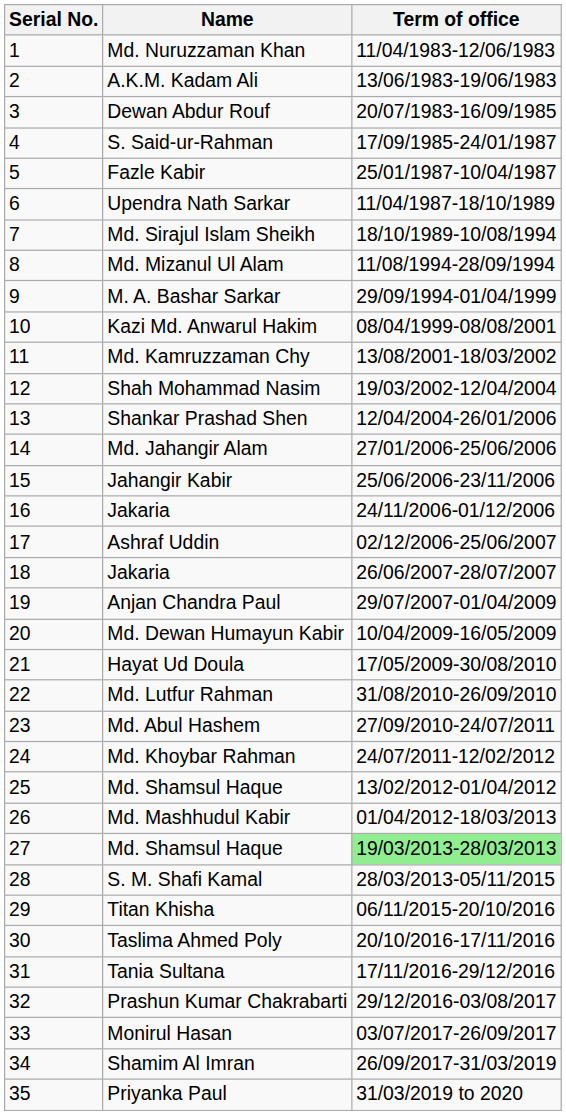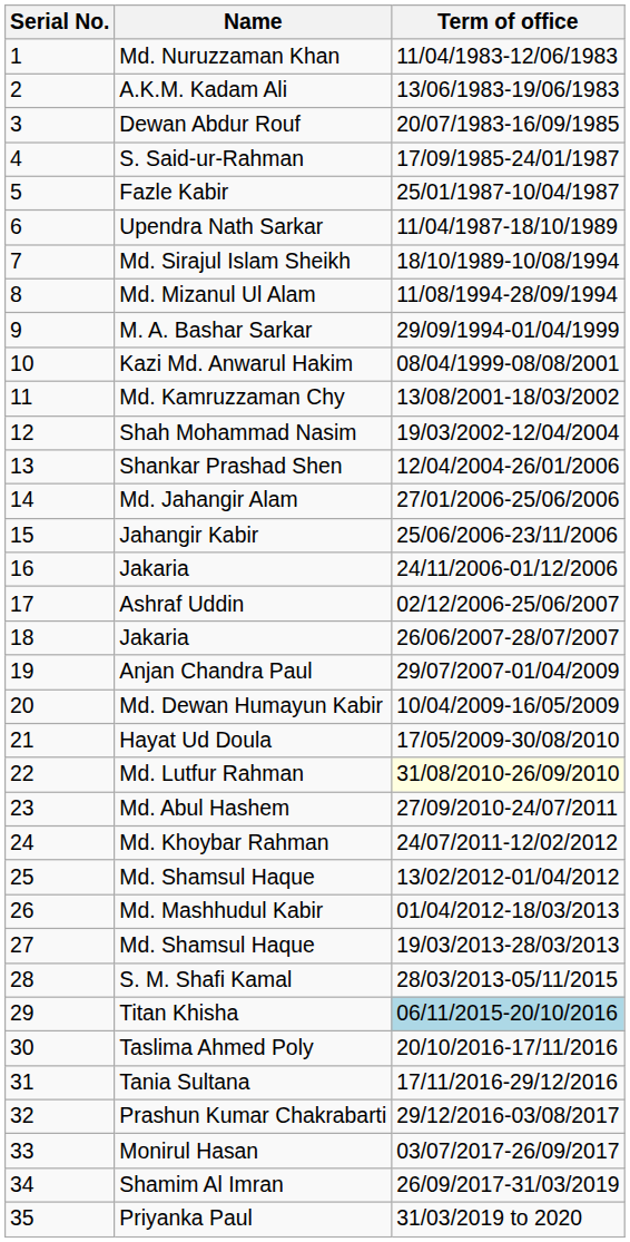 <table class="wikitable">
 <tr>
 <th>Serial No.</th>
 <th>Name</th>
 <th>Term of office</th>
 </tr>
 <tr>
 <td>1</td>
 <td>Md. Nuruzzaman Khan</td>
 <td>11/04/1983-12/06/1983</td>
 </tr>
 <tr>
 <td>2</td>
 <td>A.K.M. Kadam Ali</td>
 <td>13/06/1983-19/06/1983</td>
 </tr>
 <tr>
 <td>3</td>
 <td>Dewan Abdur Rouf</td>
 <td>20/07/1983-16/09/1985</td>
 </tr>
 <tr>
 <td>4</td>
 <td>S. Said-ur-Rahman</td>
 <td>17/09/1985-24/01/1987</td>
 </tr>
 <tr>
 <td>5</td>
 <td>Fazle Kabir</td>
 <td>25/01/1987-10/04/1987</td>
 </tr>
 <tr>
 <td>6</td>
 <td>Upendra Nath Sarkar</td>
 <td>11/04/1987-18/10/1989</td>
 </tr>
 <tr>
 <td>7</td>
 <td>Md. Sirajul Islam Sheikh</td>
 <td>18/10/1989-10/08/1994</td>
 </tr>
 <tr>
 <td>8</td>
 <td>Md. Mizanul Ul Alam</td>
 <td>11/08/1994-28/09/1994</td>
 </tr>
 <tr>
 <td>9</td>
 <td>M. A. Bashar Sarkar</td>
 <td>29/09/1994-01/04/1999</td>
 </tr>
 <tr>
 <td>10</td>
 <td>Kazi Md. Anwarul Hakim</td>
 <td>08/04/1999-08/08/2001</td>
 </tr>
 <tr>
 <td>11</td>
 <td>Md. Kamruzzaman Chy</td>
 <td>13/08/2001-18/03/2002</td>
 </tr>
 <tr>
 <td>12</td>
 <td>Shah Mohammad Nasim</td>
 <td>19/03/2002-12/04/2004</td>
 </tr>
 <tr>
 <td>13</td>
 <td>Shankar Prashad Shen</td>
 <td>12/04/2004-26/01/2006</td>
 </tr>
 <tr>
 <td>14</td>
 <td>Md. Jahangir Alam</td>
 <td>27/01/2006-25/06/2006</td>
 </tr>
 <tr>
 <td>15</td>
 <td>Jahangir Kabir</td>
 <td>25/06/2006-23/11/2006</td>
 </tr>
 <tr>
 <td>16</td>
 <td>Jakaria</td>
 <td>24/11/2006-01/12/2006</td>
 </tr>
 <tr>
 <td>17</td>
 <td>Ashraf Uddin</td>
 <td>02/12/2006-25/06/2007</td>
 </tr>
 <tr>
 <td>18</td>
 <td>Jakaria</td>
 <td>26/06/2007-28/07/2007</td>
 </tr>
 <tr>
 <td>19</td>
 <td>Anjan Chandra Paul</td>
 <td>29/07/2007-01/04/2009</td>
 </tr>
 <tr>
 <td>20</td>
 <td>Md. Dewan Humayun Kabir</td>
 <td>10/04/2009-16/05/2009</td>
 </tr>
 <tr>
 <td>21</td>
 <td>Hayat Ud Doula</td>
 <td>17/05/2009-30/08/2010</td>
 </tr>
 <tr>
 <td>22</td>
 <td>Md. Lutfur Rahman</td>
-<td>31/08/2010-26/09/2010</td>
+<td style="background: lightyellow;">31/08/2010-26/09/2010</td>
 </tr>
 <tr>
 <td>23</td>
 <td>Md. Abul Hashem</td>
 <td>27/09/2010-24/07/2011</td>
 </tr>
 <tr>
 <td>24</td>
 <td>Md. Khoybar Rahman</td>
 <td>24/07/2011-12/02/2012</td>
 </tr>
 <tr>
 <td>25</td>
 <td>Md. Shamsul Haque</td>
 <td>13/02/2012-01/04/2012</td>
 </tr>
 <tr>
 <td>26</td>
 <td>Md. Mashhudul Kabir</td>
 <td>01/04/2012-18/03/2013</td>
 </tr>
 <tr>
 <td>27</td>
 <td>Md. Shamsul Haque</td>
-<td style="background: lightgreen;">19/03/2013-28/03/2013</td>
+<td>19/03/2013-28/03/2013</td>
 </tr>
 <tr>
 <td>28</td>
 <td>S. M. Shafi Kamal</td>
 <td>28/03/2013-05/11/2015</td>
 </tr>
 <tr>
 <td>29</td>
 <td>Titan Khisha</td>
-<td>06/11/2015-20/10/2016</td>
+<td style="background: lightblue;">06/11/2015-20/10/2016</td>
 </tr>
 <tr>
 <td>30</td>
 <td>Taslima Ahmed Poly</td>
 <td>20/10/2016-17/11/2016</td>
 </tr>
 <tr>
 <td>31</td>
 <td>Tania Sultana</td>
 <td>17/11/2016-29/12/2016</td>
 </tr>
 <tr>
 <td>32</td>
 <td>Prashun Kumar Chakrabarti</td>
 <td>29/12/2016-03/08/2017</td>
 </tr>
 <tr>
 <td>33</td>
 <td>Monirul Hasan</td>
 <td>03/07/2017-26/09/2017</td>
 </tr>
 <tr>
 <td>34</td>
 <td>Shamim Al Imran</td>
 <td>26/09/2017-31/03/2019</td>
 </tr>
 <tr>
 <td>35</td>
 <td>Priyanka Paul</td>
 <td>31/03/2019 to 2020</td>
 </tr>
 </table>
